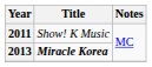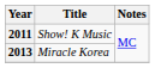 <table class="wikitable sortable plainrowheaders">
 <tr>
 <th scope="col">Year</th>
 <th scope="col">Title</th>
 <th scope="col" class="unsortable">Notes</th>
 </tr>
 <tr>
 <th scope="row">2011</th>
 <td><em>Show! K Music</em></td>
 <td rowspan=2><a href='#'>MC</a></td>
 </tr>
 <tr>
 <th scope="row">2013</th>
-<td><strong><em>Miracle Korea</em></strong></td>
+<td><em>Miracle Korea</em></td>
 </tr>
 <tr>
 </tr>
 </table>
